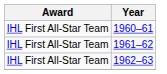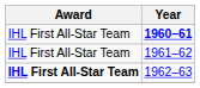 <table class="wikitable">
 <tr>
 <th>Award</th>
 <th>Year</th>
 </tr>
 <tr>
 <td><a href='#'>IHL</a> First All-Star Team</td>
-<td><a href='#'>1960–61</a></td>
+<td><strong><a href='#'>1960–61</a></strong></td>
 </tr>
 <tr>
 <td><a href='#'>IHL</a> First All-Star Team</td>
 <td><a href='#'>1961–62</a></td>
 </tr>
 <tr>
-<td><a href='#'>IHL</a> First All-Star Team</td>
+<td><strong><a href='#'>IHL</a> First All-Star Team</strong></td>
 <td><a href='#'>1962–63</a></td>
 </tr>
 <tr>
 </tr>
 </table>
